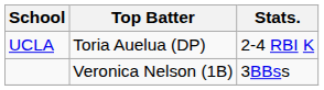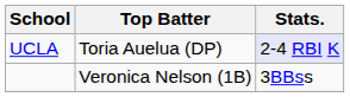 <table class="wikitable">
 <tr>
 <th>School</th>
 <th>Top Batter</th>
 <th>Stats.</th>
 </tr>
 <tr>
 <td><a href='#'>UCLA</a></td>
 <td>Toria Auelua (DP)</td>
-<td>2-4  <a href='#'>RBI</a>  <a href='#'>K</a></td>
+<td style="background: lavender;">2-4  <a href='#'>RBI</a>  <a href='#'>K</a></td>
 </tr>
 <tr>
 <td></td>
 <td>Veronica Nelson (1B)</td>
 <td>3<a href='#'>BBs</a>s</td>
 </tr>
 <tr>
 </tr>
 </table>
